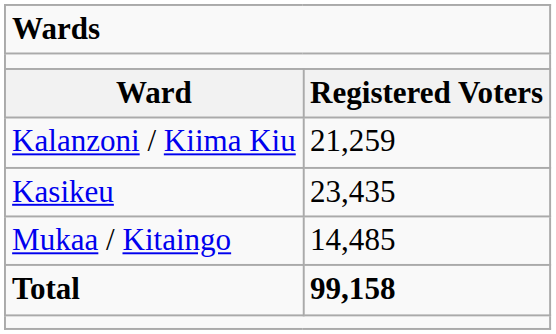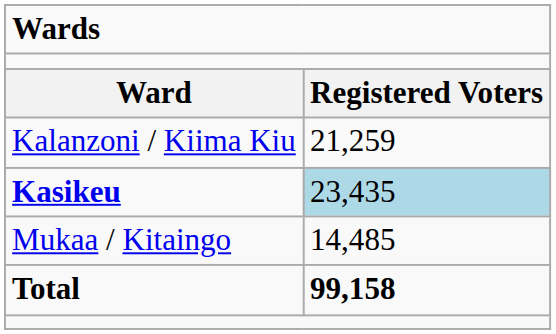 <table class="wikitable">
 <tr>
 <td colspan="2"><strong>Wards</strong></td>
 </tr>
 <tr>
 <td colspan="2"></td>
 </tr>
 <tr>
 <th>Ward</th>
 <th>Registered Voters</th>
 </tr>
 <tr>
 <td><a href='#'>Kalanzoni</a> / <a href='#'>Kiima Kiu</a></td>
 <td>21,259</td>
 </tr>
 <tr>
-<td><a href='#'>Kasikeu</a></td>
-<td>23,435</td>
+<td><strong><a href='#'>Kasikeu</a></strong></td>
+<td style="background: lightblue;">23,435</td>
 </tr>
 <tr>
 <td><a href='#'>Mukaa</a> / <a href='#'>Kitaingo</a></td>
 <td>14,485</td>
 </tr>
 <tr>
 <td><strong>Total</strong></td>
 <td><strong>99,158</strong></td>
 </tr>
 <tr>
 <td colspan="2"></td>
 </tr>
 </table>
